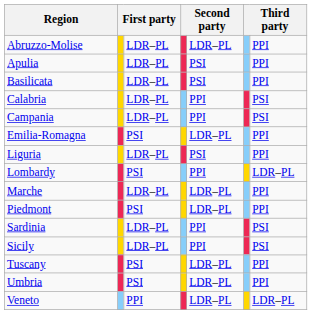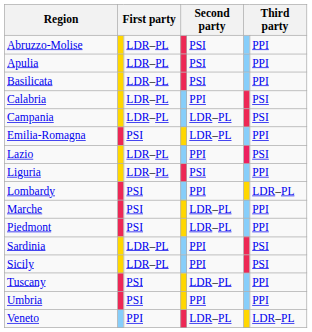 <table class="wikitable" style="valign:top">
 <tr>
 <th style="width:150px;">Region</th>
 <th colspan=2 style="width:80px;">First party</th>
 <th colspan=2 style="width:80px;">Second party</th>
 <th colspan=2 style="width:80px;">Third party</th>
 </tr>
 <tr>
 <td><a href='#'>Abruzzo-Molise</a></td>
 <td width="1" bgcolor="gold"></td>
 <td align="left"><a href='#'>LDR</a>–<a href='#'>PL</a></td>
 <td width="1" bgcolor="#ED2855"></td>
-<td align="left"><a href='#'>LDR</a>–<a href='#'>PL</a></td>
+<td align="left"><a href='#'>PSI</a></td>
 <td width="1" bgcolor="#87CEFA"></td>
 <td align="left"><a href='#'>PPI</a></td>
 </tr>
 <tr>
 <td><a href='#'>Apulia</a></td>
 <td width="1" bgcolor="gold"></td>
 <td align="left"><a href='#'>LDR</a>–<a href='#'>PL</a></td>
 <td width="1" bgcolor="#ED2855"></td>
 <td align="left"><a href='#'>PSI</a></td>
 <td width="1" bgcolor="#87CEFA"></td>
 <td align="left"><a href='#'>PPI</a></td>
 </tr>
 <tr>
 <td><a href='#'>Basilicata</a></td>
 <td width="1" bgcolor="gold"></td>
 <td align="left"><a href='#'>LDR</a>–<a href='#'>PL</a></td>
 <td width="1" bgcolor="#ED2855"></td>
 <td align="left"><a href='#'>PSI</a></td>
 <td width="1" bgcolor="#87CEFA"></td>
 <td align="left"><a href='#'>PPI</a></td>
 </tr>
 <tr>
 <td><a href='#'>Calabria</a></td>
 <td width="1" bgcolor="gold"></td>
 <td align="left"><a href='#'>LDR</a>–<a href='#'>PL</a></td>
 <td width="1" bgcolor="#87CEFA"></td>
 <td align="left"><a href='#'>PPI</a></td>
 <td width="1" bgcolor="#ED2855"></td>
 <td align="left"><a href='#'>PSI</a></td>
 </tr>
 <tr>
 <td><a href='#'>Campania</a></td>
 <td width="1" bgcolor="gold"></td>
 <td align="left"><a href='#'>LDR</a>–<a href='#'>PL</a></td>
 <td width="1" bgcolor="#87CEFA"></td>
-<td align="left"><a href='#'>PPI</a></td>
+<td align="left"><a href='#'>LDR</a>–<a href='#'>PL</a></td>
 <td width="1" bgcolor="#ED2855"></td>
 <td align="left"><a href='#'>PSI</a></td>
 </tr>
 <tr>
 <td><a href='#'>Emilia-Romagna</a></td>
 <td width="1" bgcolor="#ED2855"></td>
 <td align="left"><a href='#'>PSI</a></td>
 <td width="1" bgcolor="gold"></td>
 <td align="left"><a href='#'>LDR</a>–<a href='#'>PL</a></td>
 <td width="1" bgcolor="#87CEFA"></td>
 <td align="left"><a href='#'>PPI</a></td>
+</tr>
+<tr>
+<td><a href='#'>Lazio</a></td>
+<td width="1" bgcolor="gold"></td>
+<td align="left"><a href='#'>LDR</a>–<a href='#'>PL</a></td>
+<td width="1" bgcolor="#87CEFA"></td>
+<td align="left"><a href='#'>PPI</a></td>
+<td width="1" bgcolor="#ED2060"></td>
+<td align="left"><a href='#'>PSI</a></td>
 </tr>
 <tr>
 <td><a href='#'>Liguria</a></td>
 <td width="1" bgcolor="gold"></td>
 <td align="left"><a href='#'>LDR</a>–<a href='#'>PL</a></td>
 <td width="1" bgcolor="#ED2855"></td>
 <td align="left"><a href='#'>PSI</a></td>
 <td width="1" bgcolor="#87CEFA"></td>
 <td align="left"><a href='#'>PPI</a></td>
 </tr>
 <tr>
 <td><a href='#'>Lombardy</a></td>
 <td width="1" bgcolor="#ED2855"></td>
 <td align="left"><a href='#'>PSI</a></td>
 <td width="1" bgcolor="#87CEFA"></td>
 <td align="left"><a href='#'>PPI</a></td>
 <td width="1" bgcolor="gold"></td>
 <td align="left"><a href='#'>LDR</a>–<a href='#'>PL</a></td>
 </tr>
 <tr>
 <td><a href='#'>Marche</a></td>
 <td width="1" bgcolor="#ED2855"></td>
-<td align="left"><a href='#'>LDR</a>–<a href='#'>PL</a></td>
+<td align="left"><a href='#'>PSI</a></td>
 <td width="1" bgcolor="gold"></td>
 <td align="left"><a href='#'>LDR</a>–<a href='#'>PL</a></td>
 <td width="1" bgcolor="#87CEFA"></td>
 <td align="left"><a href='#'>PPI</a></td>
 </tr>
 <tr>
 <td><a href='#'>Piedmont</a></td>
 <td width="1" bgcolor="#ED2855"></td>
 <td align="left"><a href='#'>PSI</a></td>
 <td width="1" bgcolor="gold"></td>
 <td align="left"><a href='#'>LDR</a>–<a href='#'>PL</a></td>
 <td width="1" bgcolor="#87CEFA"></td>
 <td align="left"><a href='#'>PPI</a></td>
 </tr>
 <tr>
 <td><a href='#'>Sardinia</a></td>
 <td width="1" bgcolor="gold"></td>
 <td align="left"><a href='#'>LDR</a>–<a href='#'>PL</a></td>
 <td width="1" bgcolor="#87CEFA"></td>
 <td align="left"><a href='#'>PPI</a></td>
 <td width="1" bgcolor="#ED2855"></td>
 <td align="left"><a href='#'>PSI</a></td>
 </tr>
 <tr>
 <td><a href='#'>Sicily</a></td>
 <td width="1" bgcolor="gold"></td>
 <td align="left"><a href='#'>LDR</a>–<a href='#'>PL</a></td>
 <td width="1" bgcolor="#87CEFA"></td>
 <td align="left"><a href='#'>PPI</a></td>
 <td width="1" bgcolor="#ED2855"></td>
 <td align="left"><a href='#'>PSI</a></td>
 </tr>
 <tr>
 <td><a href='#'>Tuscany</a></td>
 <td width="1" bgcolor="#ED2855"></td>
 <td align="left"><a href='#'>PSI</a></td>
 <td width="1" bgcolor="gold"></td>
 <td align="left"><a href='#'>LDR</a>–<a href='#'>PL</a></td>
 <td width="1" bgcolor="#87CEFA"></td>
 <td align="left"><a href='#'>PPI</a></td>
 </tr>
 <tr>
 <td><a href='#'>Umbria</a></td>
 <td width="1" bgcolor="#ED2855"></td>
 <td align="left"><a href='#'>PSI</a></td>
 <td width="1" bgcolor="gold"></td>
-<td align="left"><a href='#'>LDR</a>–<a href='#'>PL</a></td>
+<td align="left"><a href='#'>PPI</a></td>
 <td width="1" bgcolor="#87CEFA"></td>
 <td align="left"><a href='#'>PPI</a></td>
 </tr>
 <tr>
 <td><a href='#'>Veneto</a></td>
 <td width="1" bgcolor="#87CEFA"></td>
 <td align="left"><a href='#'>PPI</a></td>
 <td width="1" bgcolor="#ED2855"></td>
 <td align="left"><a href='#'>LDR</a>–<a href='#'>PL</a></td>
 <td width="1" bgcolor="gold"></td>
 <td align="left"><a href='#'>LDR</a>–<a href='#'>PL</a></td>
 </tr>
 </table>
